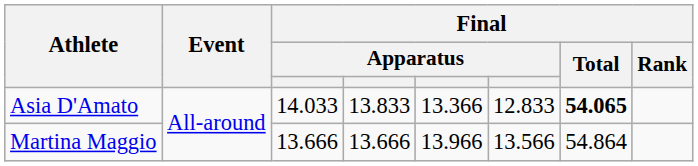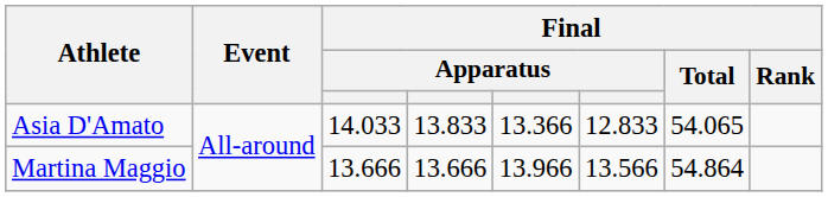 <table class="wikitable" style="font-size:90%">
 <tr>
 <th rowspan=3>Athlete</th>
 <th rowspan=3>Event</th>
 <th colspan=6>Final</th>
 </tr>
 <tr style="font-size:95%">
 <th colspan=4>Apparatus</th>
 <th rowspan=2>Total</th>
 <th rowspan=2>Rank</th>
 </tr>
 <tr style="font-size:95%">
 <th></th>
 <th></th>
 <th></th>
 <th></th>
 </tr>
 <tr align=center>
 <td align=left><a href='#'>Asia D'Amato</a></td>
 <td align=left rowspan=2><a href='#'>All-around</a></td>
 <td>14.033</td>
 <td>13.833</td>
 <td>13.366</td>
 <td>12.833</td>
-<td><strong>54.065</strong></td>
+<td>54.065</td>
 <td></td>
 </tr>
 <tr align=center>
 <td align=left><a href='#'>Martina Maggio</a></td>
 <td>13.666</td>
 <td>13.666</td>
 <td>13.966</td>
 <td>13.566</td>
 <td>54.864</td>
 <td></td>
 </tr>
 </table>
